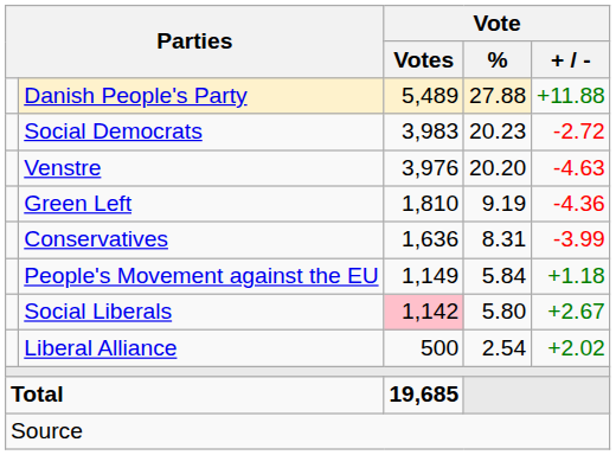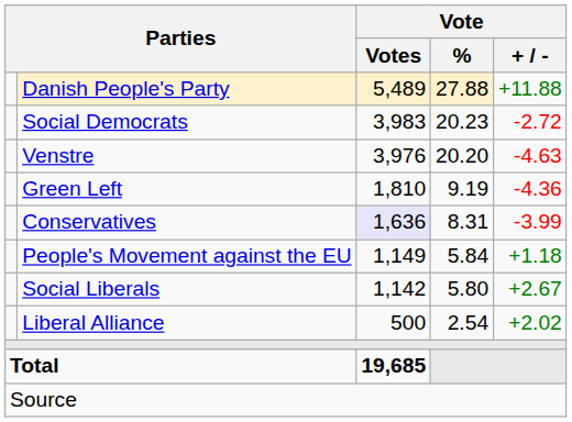 <table class="wikitable" style="text-align:right;">
 <tr>
 <th style="text-align:centre;" rowspan="2" colspan="2" width="225">Parties</th>
 <th colspan="3">Vote</th>
 </tr>
 <tr>
 <th width="15">Votes</th>
 <th width="15">%</th>
 <th width="15">+ / -</th>
 </tr>
 <tr>
 <td width="2" style="color:inherit;background:"></td>
 <td bgcolor=#fef2cc   align="left"><a href='#'>Danish People's Party</a></td>
 <td bgcolor=#fef2cc>5,489</td>
 <td bgcolor=#fef2cc>27.88</td>
 <td style=color:green;>+11.88</td>
 </tr>
 <tr>
 <td width="2" style="color:inherit;background:"></td>
 <td align="left"><a href='#'>Social Democrats</a></td>
 <td>3,983</td>
 <td>20.23</td>
 <td style=color:red;>-2.72</td>
 </tr>
 <tr>
 <td width="2" style="color:inherit;background:"></td>
 <td align="left"><a href='#'>Venstre</a></td>
 <td>3,976</td>
 <td>20.20</td>
 <td style=color:red;>-4.63</td>
 </tr>
 <tr>
 <td width="2" style="color:inherit;background:"></td>
 <td align="left"><a href='#'>Green Left</a></td>
 <td>1,810</td>
 <td>9.19</td>
 <td style=color:red;>-4.36</td>
 </tr>
 <tr>
 <td width="2" style="color:inherit;background:"></td>
 <td align="left"><a href='#'>Conservatives</a></td>
-<td>1,636</td>
+<td style="background: lavender;">1,636</td>
 <td>8.31</td>
 <td style=color:red;>-3.99</td>
 </tr>
 <tr>
 <td width="2" style="color:inherit;background:"></td>
 <td align="left"><a href='#'>People's Movement against the EU</a></td>
 <td>1,149</td>
 <td>5.84</td>
 <td style=color:green;>+1.18</td>
 </tr>
 <tr>
 <td width="2" style="color:inherit;background:"></td>
 <td align="left"><a href='#'>Social Liberals</a></td>
-<td style="background: pink;">1,142</td>
+<td>1,142</td>
 <td>5.80</td>
 <td style=color:green;>+2.67</td>
 </tr>
 <tr>
 <td width="2" style="color:inherit;background:"></td>
 <td align="left"><a href='#'>Liberal Alliance</a></td>
 <td>500</td>
 <td>2.54</td>
 <td style=color:green;>+2.02</td>
 </tr>
 <tr>
 <td colspan="7" bgcolor="#E9E9E9"></td>
 </tr>
 <tr>
 <td align="left" colspan="2"><strong>Total</strong></td>
 <td><strong>19,685</strong></td>
 <td bgcolor="#E9E9E9" colspan="2"></td>
 </tr>
 <tr>
 <td align="left" colspan="6">Source</td>
 </tr>
 </table>
